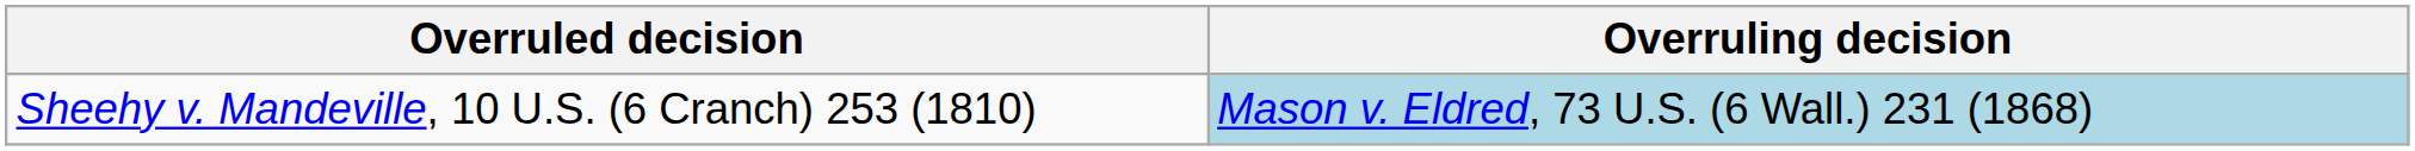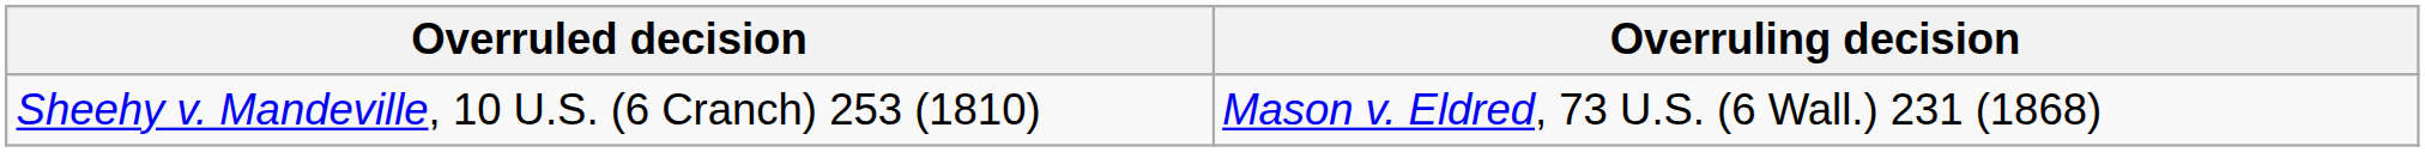 <table class="wikitable sortable collapsible" style="width:100%">
 <tr>
 <th width="50%">Overruled decision</th>
 <th width="50%">Overruling decision</th>
 </tr>
 <tr valign="top">
 <td><em><a href='#'>Sheehy v. Mandeville</a></em>, 10 U.S. (6 Cranch) 253 (1810)</td>
-<td style="background: lightblue;"><em><a href='#'>Mason v. Eldred</a></em>, 73 U.S. (6 Wall.) 231 (1868)</td>
+<td><em><a href='#'>Mason v. Eldred</a></em>, 73 U.S. (6 Wall.) 231 (1868)</td>
 </tr>
 </table>
